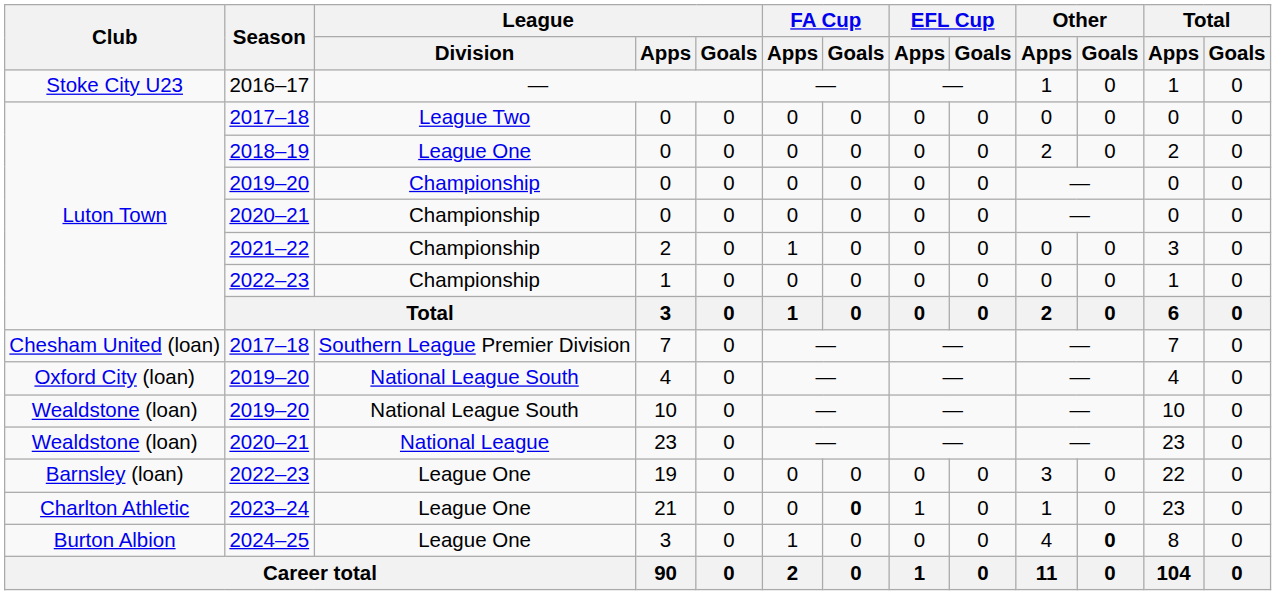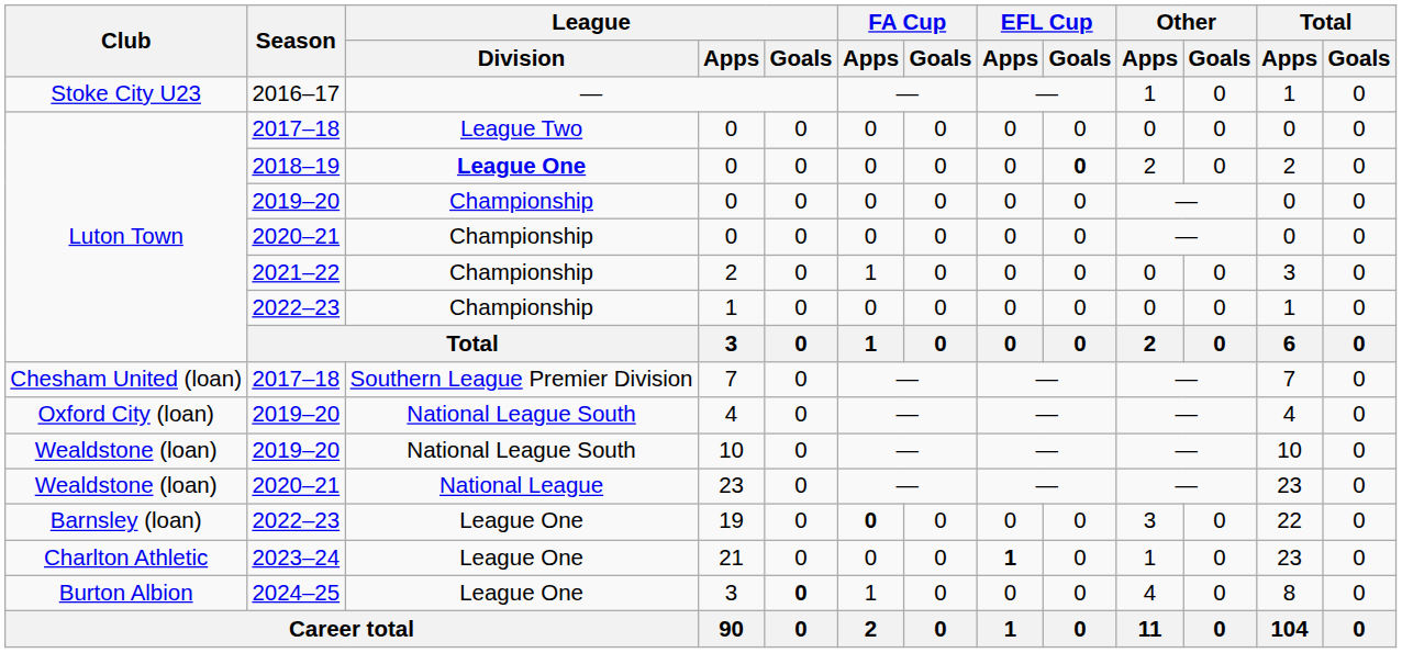 <table class=wikitable style=text-align:center>
 <tr>
 <th rowspan=2>Club</th>
 <th rowspan=2>Season</th>
 <th colspan=3>League</th>
 <th colspan=2><a href='#'>FA Cup</a></th>
 <th colspan=2><a href='#'>EFL Cup</a></th>
 <th colspan=2>Other</th>
 <th colspan=2>Total</th>
 </tr>
 <tr>
 <th>Division</th>
 <th>Apps</th>
 <th>Goals</th>
 <th>Apps</th>
 <th>Goals</th>
 <th>Apps</th>
 <th>Goals</th>
 <th>Apps</th>
 <th>Goals</th>
 <th>Apps</th>
 <th>Goals</th>
 </tr>
 <tr>
 <td><a href='#'>Stoke City U23</a></td>
 <td>2016–17</td>
 <td colspan=3>—</td>
 <td colspan=2>—</td>
 <td colspan=2>—</td>
 <td>1</td>
 <td>0</td>
 <td>1</td>
 <td>0</td>
 </tr>
 <tr>
 <td rowspan=7><a href='#'>Luton Town</a></td>
 <td><a href='#'>2017–18</a></td>
 <td><a href='#'>League Two</a></td>
 <td>0</td>
 <td>0</td>
 <td>0</td>
 <td>0</td>
 <td>0</td>
 <td>0</td>
 <td>0</td>
 <td>0</td>
 <td>0</td>
 <td>0</td>
 </tr>
 <tr>
 <td><a href='#'>2018–19</a></td>
-<td><a href='#'>League One</a></td>
+<td><strong><a href='#'>League One</a></strong></td>
 <td>0</td>
 <td>0</td>
 <td>0</td>
 <td>0</td>
 <td>0</td>
-<td>0</td>
+<td><strong>0</strong></td>
 <td>2</td>
 <td>0</td>
 <td>2</td>
 <td>0</td>
 </tr>
 <tr>
 <td><a href='#'>2019–20</a></td>
 <td><a href='#'>Championship</a></td>
 <td>0</td>
 <td>0</td>
 <td>0</td>
 <td>0</td>
 <td>0</td>
 <td>0</td>
 <td colspan=2>—</td>
 <td>0</td>
 <td>0</td>
 </tr>
 <tr>
 <td><a href='#'>2020–21</a></td>
 <td>Championship</td>
 <td>0</td>
 <td>0</td>
 <td>0</td>
 <td>0</td>
 <td>0</td>
 <td>0</td>
 <td colspan=2>—</td>
 <td>0</td>
 <td>0</td>
 </tr>
 <tr>
 <td><a href='#'>2021–22</a></td>
 <td>Championship</td>
 <td>2</td>
 <td>0</td>
 <td>1</td>
 <td>0</td>
 <td>0</td>
 <td>0</td>
 <td>0</td>
 <td>0</td>
 <td>3</td>
 <td>0</td>
 </tr>
 <tr>
 <td><a href='#'>2022–23</a></td>
 <td>Championship</td>
 <td>1</td>
 <td>0</td>
 <td>0</td>
 <td>0</td>
 <td>0</td>
 <td>0</td>
 <td>0</td>
 <td>0</td>
 <td>1</td>
 <td>0</td>
 </tr>
 <tr>
 <th colspan=2>Total</th>
 <th>3</th>
 <th>0</th>
 <th>1</th>
 <th>0</th>
 <th>0</th>
 <th>0</th>
 <th>2</th>
 <th>0</th>
 <th>6</th>
 <th>0</th>
 </tr>
 <tr>
 <td><a href='#'>Chesham United</a> (loan)</td>
 <td><a href='#'>2017–18</a></td>
 <td><a href='#'>Southern League</a> Premier Division</td>
 <td>7</td>
 <td>0</td>
 <td colspan=2>—</td>
 <td colspan=2>—</td>
 <td colspan=2>—</td>
 <td>7</td>
 <td>0</td>
 </tr>
 <tr>
 <td><a href='#'>Oxford City</a> (loan)</td>
 <td><a href='#'>2019–20</a></td>
 <td><a href='#'>National League South</a></td>
 <td>4</td>
 <td>0</td>
 <td colspan=2>—</td>
 <td colspan=2>—</td>
 <td colspan=2>—</td>
 <td>4</td>
 <td>0</td>
 </tr>
 <tr>
 <td><a href='#'>Wealdstone</a> (loan)</td>
 <td><a href='#'>2019–20</a></td>
 <td>National League South</td>
 <td>10</td>
 <td>0</td>
 <td colspan=2>—</td>
 <td colspan=2>—</td>
 <td colspan=2>—</td>
 <td>10</td>
 <td>0</td>
 </tr>
 <tr>
 <td><a href='#'>Wealdstone</a> (loan)</td>
 <td><a href='#'>2020–21</a></td>
 <td><a href='#'>National League</a></td>
 <td>23</td>
 <td>0</td>
 <td colspan=2>—</td>
 <td colspan=2>—</td>
 <td colspan=2>—</td>
 <td>23</td>
 <td>0</td>
 </tr>
 <tr>
 <td><a href='#'>Barnsley</a> (loan)</td>
 <td><a href='#'>2022–23</a></td>
 <td>League One</td>
 <td>19</td>
 <td>0</td>
-<td>0</td>
+<td><strong>0</strong></td>
 <td>0</td>
 <td>0</td>
 <td>0</td>
 <td>3</td>
 <td>0</td>
 <td>22</td>
 <td>0</td>
 </tr>
 <tr>
 <td><a href='#'>Charlton Athletic</a></td>
 <td><a href='#'>2023–24</a></td>
 <td>League One</td>
 <td>21</td>
 <td>0</td>
 <td>0</td>
-<td><strong>0</strong></td>
-<td>1</td>
+<td>0</td>
+<td><strong>1</strong></td>
 <td>0</td>
 <td>1</td>
 <td>0</td>
 <td>23</td>
 <td>0</td>
 </tr>
 <tr>
 <td><a href='#'>Burton Albion</a></td>
 <td><a href='#'>2024–25</a></td>
 <td>League One</td>
 <td>3</td>
-<td>0</td>
+<td><strong>0</strong></td>
 <td>1</td>
 <td>0</td>
 <td>0</td>
 <td>0</td>
 <td>4</td>
-<td><strong>0</strong></td>
+<td>0</td>
 <td>8</td>
 <td>0</td>
 </tr>
 <tr>
 <th colspan=3>Career total</th>
 <th>90</th>
 <th>0</th>
 <th>2</th>
 <th>0</th>
 <th>1</th>
 <th>0</th>
 <th>11</th>
 <th>0</th>
 <th>104</th>
 <th>0</th>
 </tr>
 </table>
